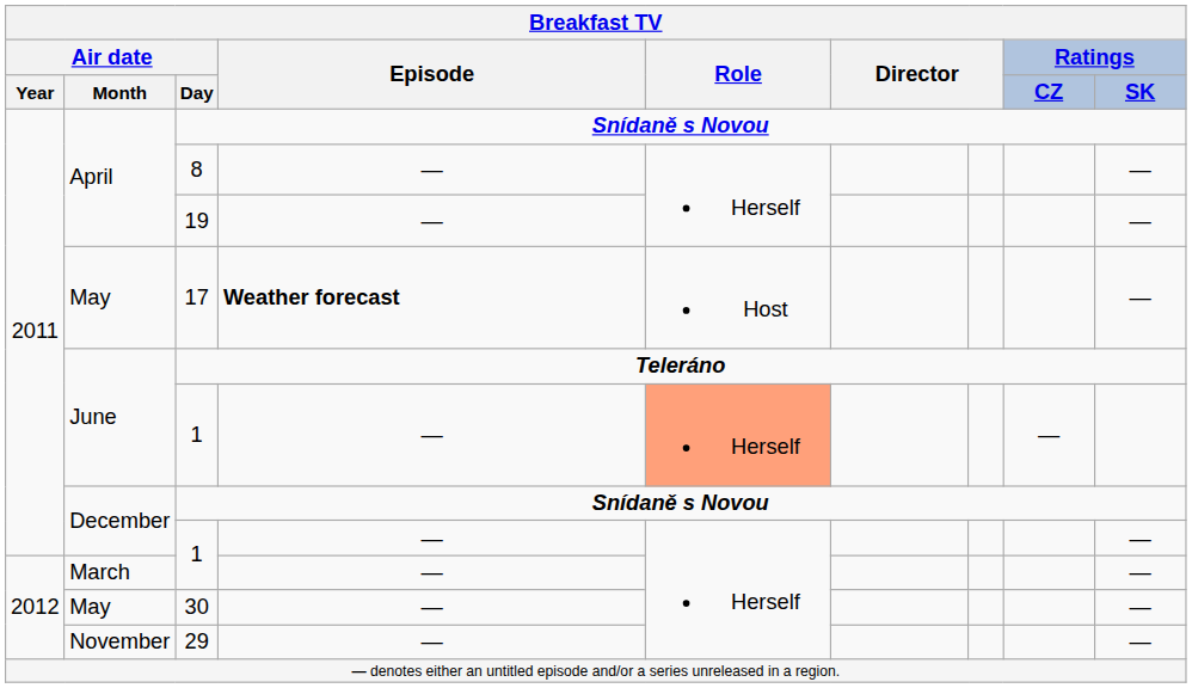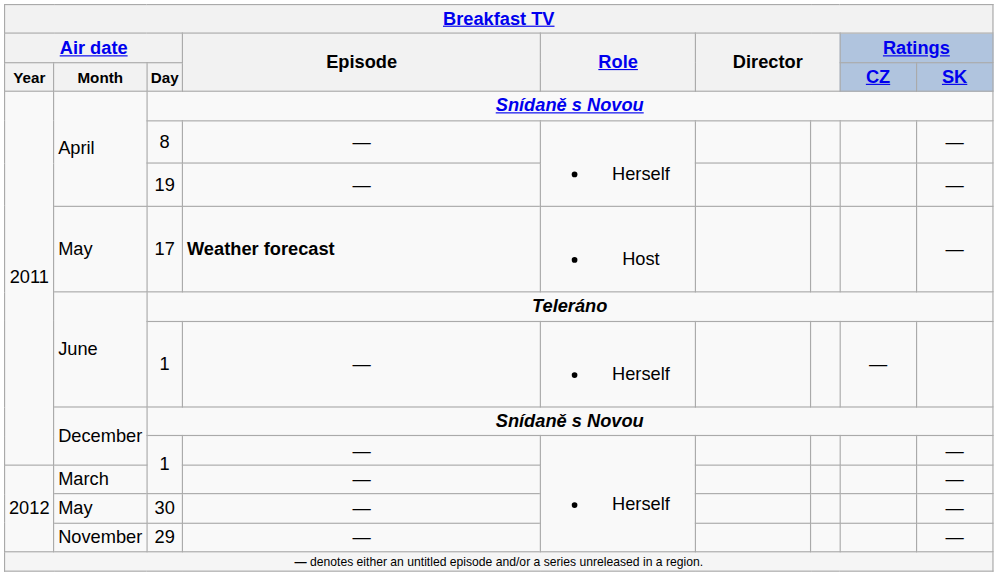 <table class="wikitable" style="text-align:center;">
 <tr>
 <th colspan="9" width=88%><a href='#'>Breakfast TV</a></th>
 </tr>
 <tr>
 <th colspan="3" width=15%><a href='#'>Air date</a></th>
 <th rowspan="2" width=38%>Episode</th>
 <th rowspan="2" width=16%><a href='#'>Role</a></th>
 <th colspan="2" rowspan="2" width=15%>Director</th>
 <th colspan="2" width=16% style="background:#B0C4DE;"><a href='#'>Ratings</a></th>
 </tr>
 <tr>
 <th width=5%><small>Year</small></th>
 <th width=7%><small>Month</small></th>
 <th width=3%><small>Day</small></th>
 <th width=8% style="background:#B0C4DE;"><a href='#'>CZ</a></th>
 <th width=8% style="background:#B0C4DE;"><a href='#'>SK</a></th>
 </tr>
 <tr>
 <td rowspan="8">2011</td>
 <td align="left" rowspan="3">April</td>
 <td colspan="7"><strong><em><a href='#'>Snídaně s Novou</a></em></strong></td>
 </tr>
 <tr>
 <td>8</td>
 <td>—</td>
 <td rowspan="2"><br><ul><li>Herself</li></ul></td>
 <td></td>
 <td width=3%></td>
 <td></td>
 <td>—</td>
 </tr>
 <tr>
 <td>19</td>
 <td>—</td>
 <td></td>
 <td width=3%></td>
 <td></td>
 <td>—</td>
 </tr>
 <tr>
 <td align="left">May</td>
 <td>17</td>
 <td align="left"><strong>Weather forecast</strong></td>
 <td><br><ul><li>Host</li></ul></td>
 <td></td>
 <td width=3%></td>
 <td></td>
 <td>—</td>
 </tr>
 <tr>
 <td align="left" rowspan="2">June</td>
 <td colspan="7"><strong><em>Teleráno</em></strong></td>
 </tr>
 <tr>
 <td>1</td>
 <td>—</td>
-<td style="background: lightsalmon;"><br><ul><li>Herself</li></ul></td>
+<td><br><ul><li>Herself</li></ul></td>
 <td></td>
 <td width=3%></td>
 <td>—</td>
 <td></td>
 </tr>
 <tr>
 <td align="left" rowspan="2">December</td>
 <td colspan="7"><strong><em>Snídaně s Novou</em></strong></td>
 </tr>
 <tr>
 <td rowspan="2">1</td>
 <td>—</td>
 <td rowspan="4"><br><ul><li>Herself</li></ul></td>
 <td></td>
 <td width=3%></td>
 <td></td>
 <td>—</td>
 </tr>
 <tr>
 <td rowspan="3">2012</td>
 <td align="left">March</td>
 <td>—</td>
 <td></td>
 <td width=3%></td>
 <td></td>
 <td>—</td>
 </tr>
 <tr>
 <td align="left">May</td>
 <td>30</td>
 <td>—</td>
 <td></td>
 <td width=3%></td>
 <td></td>
 <td>—</td>
 </tr>
 <tr>
 <td align="left">November</td>
 <td>29</td>
 <td>—</td>
 <td></td>
 <td width=3%></td>
 <td></td>
 <td>—</td>
 </tr>
 <tr>
 <td colspan="9" width=100% style="background:whitesmoke; font-size: 8pt"><strong>—</strong> denotes either an untitled episode and/or a series unreleased in a region.</td>
 </tr>
 </table>
